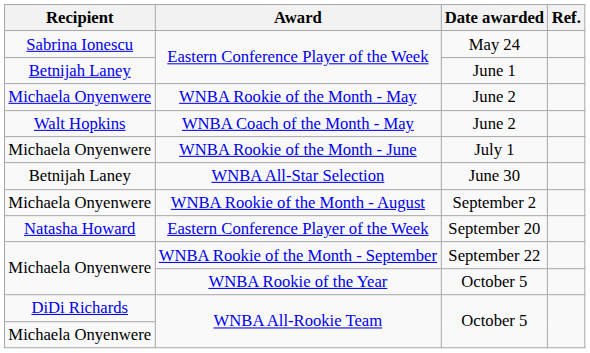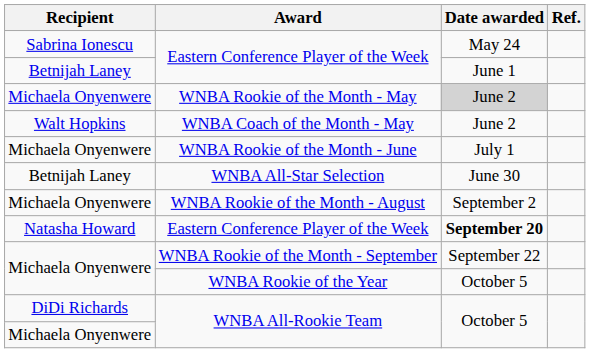 <table class="wikitable sortable sortable" style="text-align: center">
 <tr>
 <th>Recipient</th>
 <th>Award</th>
 <th>Date awarded</th>
 <th>Ref.</th>
 </tr>
 <tr>
 <td><a href='#'>Sabrina Ionescu</a></td>
 <td rowspan=2><a href='#'>Eastern Conference Player of the Week</a></td>
 <td>May 24</td>
 <td></td>
 </tr>
 <tr>
 <td><a href='#'>Betnijah Laney</a></td>
 <td>June 1</td>
 <td></td>
 </tr>
 <tr>
 <td><a href='#'>Michaela Onyenwere</a></td>
 <td><a href='#'>WNBA Rookie of the Month - May</a></td>
-<td>June 2</td>
+<td style="background: lightgrey;">June 2</td>
 <td></td>
 </tr>
 <tr>
 <td><a href='#'>Walt Hopkins</a></td>
 <td><a href='#'>WNBA Coach of the Month - May</a></td>
 <td>June 2</td>
 <td></td>
 </tr>
 <tr>
 <td>Michaela Onyenwere</td>
 <td><a href='#'>WNBA Rookie of the Month - June</a></td>
 <td>July 1</td>
 <td></td>
 </tr>
 <tr>
 <td>Betnijah Laney</td>
 <td><a href='#'>WNBA All-Star Selection</a></td>
 <td>June 30</td>
 <td></td>
 </tr>
 <tr>
 <td>Michaela Onyenwere</td>
 <td><a href='#'>WNBA Rookie of the Month - August</a></td>
 <td>September 2</td>
 <td></td>
 </tr>
 <tr>
 <td><a href='#'>Natasha Howard</a></td>
 <td><a href='#'>Eastern Conference Player of the Week</a></td>
-<td>September 20</td>
+<td><strong>September 20</strong></td>
 <td></td>
 </tr>
 <tr>
 <td rowspan=2>Michaela Onyenwere</td>
 <td><a href='#'>WNBA Rookie of the Month - September</a></td>
 <td>September 22</td>
 <td></td>
 </tr>
 <tr>
 <td><a href='#'>WNBA Rookie of the Year</a></td>
 <td>October 5</td>
 <td></td>
 </tr>
 <tr>
 <td><a href='#'>DiDi Richards</a></td>
 <td rowspan=2><a href='#'>WNBA All-Rookie Team</a></td>
 <td rowspan=2>October 5</td>
 <td rowspan=2></td>
 </tr>
 <tr>
 <td>Michaela Onyenwere</td>
 </tr>
 </table>
